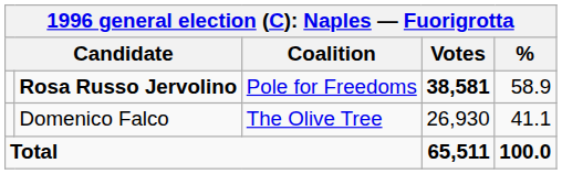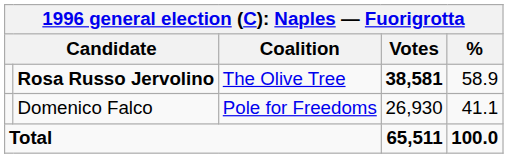 <table class=wikitable style=text-align:right>
 <tr>
 <th colspan=5><a href='#'>1996 general election</a> (<a href='#'>C</a>): <a href='#'>Naples</a> — <a href='#'>Fuorigrotta</a></th>
 </tr>
 <tr>
 <th colspan=2>Candidate</th>
 <th>Coalition</th>
 <th>Votes</th>
 <th>%</th>
 </tr>
 <tr>
 <td></td>
 <td align=left><strong>Rosa Russo Jervolino</strong></td>
-<td align=left><a href='#'>Pole for Freedoms</a></td>
+<td align=left><a href='#'>The Olive Tree</a></td>
 <td><strong>38,581</strong></td>
 <td>58.9</td>
 </tr>
 <tr>
 <td></td>
 <td align=left>Domenico Falco</td>
-<td align=left><a href='#'>The Olive Tree</a></td>
+<td align=left><a href='#'>Pole for Freedoms</a></td>
 <td>26,930</td>
 <td>41.1</td>
 </tr>
 <tr>
 <td align=left colspan=3><strong>Total</strong></td>
 <td><strong>65,511</strong></td>
 <td><strong>100.0</strong></td>
 </tr>
 </table>
